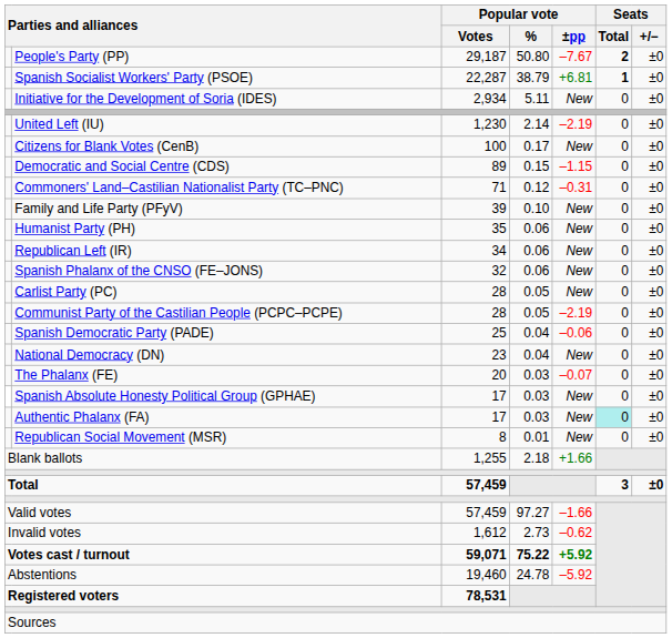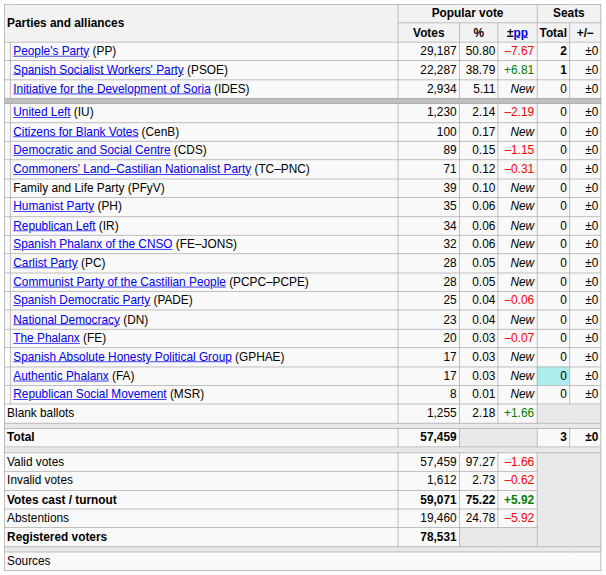 <table class="wikitable" style="text-align:right;">
 <tr>
 <th style="text-align:left;" rowspan="2" colspan="2" width="525">Parties and alliances</th>
 <th colspan="3">Popular vote</th>
 <th colspan="2">Seats</th>
 </tr>
 <tr>
 <th width="75">Votes</th>
 <th width="45">%</th>
 <th width="45">±<a href='#'>pp</a></th>
 <th width="35">Total</th>
 <th width="35">+/−</th>
 </tr>
 <tr>
 <td width="1" style="color:inherit;background:"></td>
 <td align="left"><a href='#'>People's Party</a> (PP)</td>
 <td>29,187</td>
 <td>50.80</td>
 <td style="color:red;">–7.67</td>
 <td><strong>2</strong></td>
 <td>±0</td>
 </tr>
 <tr>
 <td style="color:inherit;background:"></td>
 <td align="left"><a href='#'>Spanish Socialist Workers' Party</a> (PSOE)</td>
 <td>22,287</td>
 <td>38.79</td>
 <td style="color:green;">+6.81</td>
 <td><strong>1</strong></td>
 <td>±0</td>
 </tr>
 <tr>
 <td style="color:inherit;background:"></td>
 <td align="left"><a href='#'>Initiative for the Development of Soria</a> (IDES)</td>
 <td>2,934</td>
 <td>5.11</td>
 <td><em>New</em></td>
 <td>0</td>
 <td>±0</td>
 </tr>
 <tr>
 <td colspan="7" bgcolor="#C0C0C0"></td>
 </tr>
 <tr>
 <td style="color:inherit;background:"></td>
 <td align="left"><a href='#'>United Left</a> (IU)</td>
 <td>1,230</td>
 <td>2.14</td>
 <td style="color:red;">–2.19</td>
 <td>0</td>
 <td>±0</td>
 </tr>
 <tr>
 <td style="color:inherit;background:"></td>
 <td align="left"><a href='#'>Citizens for Blank Votes</a> (CenB)</td>
 <td>100</td>
 <td>0.17</td>
 <td><em>New</em></td>
 <td>0</td>
 <td>±0</td>
 </tr>
 <tr>
 <td style="color:inherit;background:"></td>
 <td align="left"><a href='#'>Democratic and Social Centre</a> (CDS)</td>
 <td>89</td>
 <td>0.15</td>
 <td style="color:red;">–1.15</td>
 <td>0</td>
 <td>±0</td>
 </tr>
 <tr>
 <td style="color:inherit;background:"></td>
 <td align="left"><a href='#'>Commoners' Land–Castilian Nationalist Party</a> (TC–PNC)</td>
 <td>71</td>
 <td>0.12</td>
 <td style="color:red;">–0.31</td>
 <td>0</td>
 <td>±0</td>
 </tr>
 <tr>
 <td style="color:inherit;background:"></td>
 <td align="left">Family and Life Party (PFyV)</td>
 <td>39</td>
 <td>0.10</td>
 <td><em>New</em></td>
 <td>0</td>
 <td>±0</td>
 </tr>
 <tr>
 <td style="color:inherit;background:"></td>
 <td align="left"><a href='#'>Humanist Party</a> (PH)</td>
 <td>35</td>
 <td>0.06</td>
 <td><em>New</em></td>
 <td>0</td>
 <td>±0</td>
 </tr>
 <tr>
 <td style="color:inherit;background:"></td>
 <td align="left"><a href='#'>Republican Left</a> (IR)</td>
 <td>34</td>
 <td>0.06</td>
 <td><em>New</em></td>
 <td>0</td>
 <td>±0</td>
 </tr>
 <tr>
 <td style="color:inherit;background:"></td>
 <td align="left"><a href='#'>Spanish Phalanx of the CNSO</a> (FE–JONS)</td>
 <td>32</td>
 <td>0.06</td>
 <td><em>New</em></td>
 <td>0</td>
 <td>±0</td>
 </tr>
 <tr>
 <td style="color:inherit;background:"></td>
 <td align="left"><a href='#'>Carlist Party</a> (PC)</td>
 <td>28</td>
 <td>0.05</td>
 <td><em>New</em></td>
 <td>0</td>
 <td>±0</td>
 </tr>
 <tr>
 <td style="color:inherit;background:"></td>
 <td align="left"><a href='#'>Communist Party of the Castilian People</a> (PCPC–PCPE)</td>
 <td>28</td>
 <td>0.05</td>
-<td style="color:red;">–2.19</td>
+<td><em>New</em></td>
 <td>0</td>
 <td>±0</td>
 </tr>
 <tr>
 <td style="color:inherit;background:"></td>
 <td align="left"><a href='#'>Spanish Democratic Party</a> (PADE)</td>
 <td>25</td>
 <td>0.04</td>
 <td style="color:red;">–0.06</td>
 <td>0</td>
 <td>±0</td>
 </tr>
 <tr>
 <td style="color:inherit;background:"></td>
 <td align="left"><a href='#'>National Democracy</a> (DN)</td>
 <td>23</td>
 <td>0.04</td>
 <td><em>New</em></td>
 <td>0</td>
 <td>±0</td>
 </tr>
 <tr>
 <td style="color:inherit;background:"></td>
 <td align="left"><a href='#'>The Phalanx</a> (FE)</td>
 <td>20</td>
 <td>0.03</td>
 <td style="color:red;">–0.07</td>
 <td>0</td>
 <td>±0</td>
 </tr>
 <tr>
 <td bgcolor="white"></td>
 <td align="left"><a href='#'>Spanish Absolute Honesty Political Group</a> (GPHAE)</td>
 <td>17</td>
 <td>0.03</td>
 <td><em>New</em></td>
 <td>0</td>
 <td>±0</td>
 </tr>
 <tr>
 <td style="color:inherit;background:"></td>
 <td align="left"><a href='#'>Authentic Phalanx</a> (FA)</td>
 <td>17</td>
 <td>0.03</td>
 <td><em>New</em></td>
 <td style="background: paleturquoise;">0</td>
 <td>±0</td>
 </tr>
 <tr>
 <td style="color:inherit;background:"></td>
 <td align="left"><a href='#'>Republican Social Movement</a> (MSR)</td>
 <td>8</td>
 <td>0.01</td>
 <td><em>New</em></td>
 <td>0</td>
 <td>±0</td>
 </tr>
 <tr>
 <td align="left" colspan="2">Blank ballots</td>
 <td>1,255</td>
 <td>2.18</td>
 <td style="color:green;">+1.66</td>
 <td bgcolor="#E9E9E9" colspan="2"></td>
 </tr>
 <tr>
 <td colspan="7" bgcolor="#E9E9E9"></td>
 </tr>
 <tr style="font-weight:bold;">
 <td align="left" colspan="2">Total</td>
 <td>57,459</td>
 <td bgcolor="#E9E9E9" colspan="2"></td>
 <td>3</td>
 <td>±0</td>
 </tr>
 <tr>
 <td colspan="7" bgcolor="#E9E9E9"></td>
 </tr>
 <tr>
 <td align="left" colspan="2">Valid votes</td>
 <td>57,459</td>
 <td>97.27</td>
 <td style="color:red;">–1.66</td>
 <td bgcolor="#E9E9E9" colspan="2" rowspan="5"></td>
 </tr>
 <tr>
 <td align="left" colspan="2">Invalid votes</td>
 <td>1,612</td>
 <td>2.73</td>
 <td style="color:red;">–0.62</td>
 </tr>
 <tr style="font-weight:bold;">
 <td align="left" colspan="2">Votes cast / turnout</td>
 <td>59,071</td>
 <td>75.22</td>
 <td style="color:green;">+5.92</td>
 </tr>
 <tr>
 <td align="left" colspan="2">Abstentions</td>
 <td>19,460</td>
 <td>24.78</td>
 <td style="color:red;">–5.92</td>
 </tr>
 <tr style="font-weight:bold;">
 <td align="left" colspan="2">Registered voters</td>
 <td>78,531</td>
 <td bgcolor="#E9E9E9" colspan="2"></td>
 </tr>
 <tr>
 <td colspan="7" bgcolor="#E9E9E9"></td>
 </tr>
 <tr>
 <td align="left" colspan="7">Sources</td>
 </tr>
 </table>
